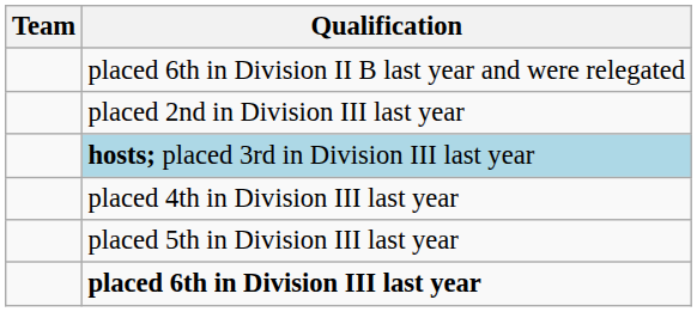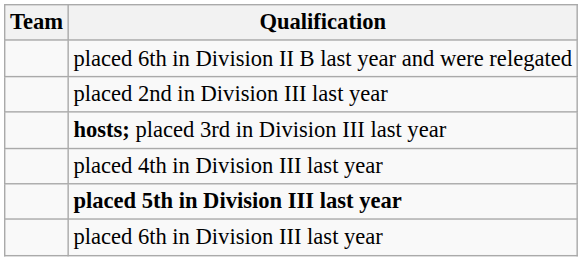 <table class="wikitable">
 <tr>
 <th>Team</th>
 <th>Qualification</th>
 </tr>
 <tr>
 <td></td>
 <td>placed 6th in Division II B last year and were relegated</td>
 </tr>
 <tr>
 <td></td>
 <td>placed 2nd in Division III last year</td>
 </tr>
 <tr>
 <td></td>
-<td style="background: lightblue;"><strong>hosts;</strong> placed 3rd in Division III last year</td>
+<td><strong>hosts;</strong> placed 3rd in Division III last year</td>
 </tr>
 <tr>
 <td></td>
 <td>placed 4th in Division III last year</td>
 </tr>
 <tr>
 <td></td>
-<td>placed 5th in Division III last year</td>
+<td><strong>placed 5th in Division III last year</strong></td>
 </tr>
 <tr>
 <td></td>
-<td><strong>placed 6th in Division III last year</strong></td>
+<td>placed 6th in Division III last year</td>
 </tr>
 </table>
